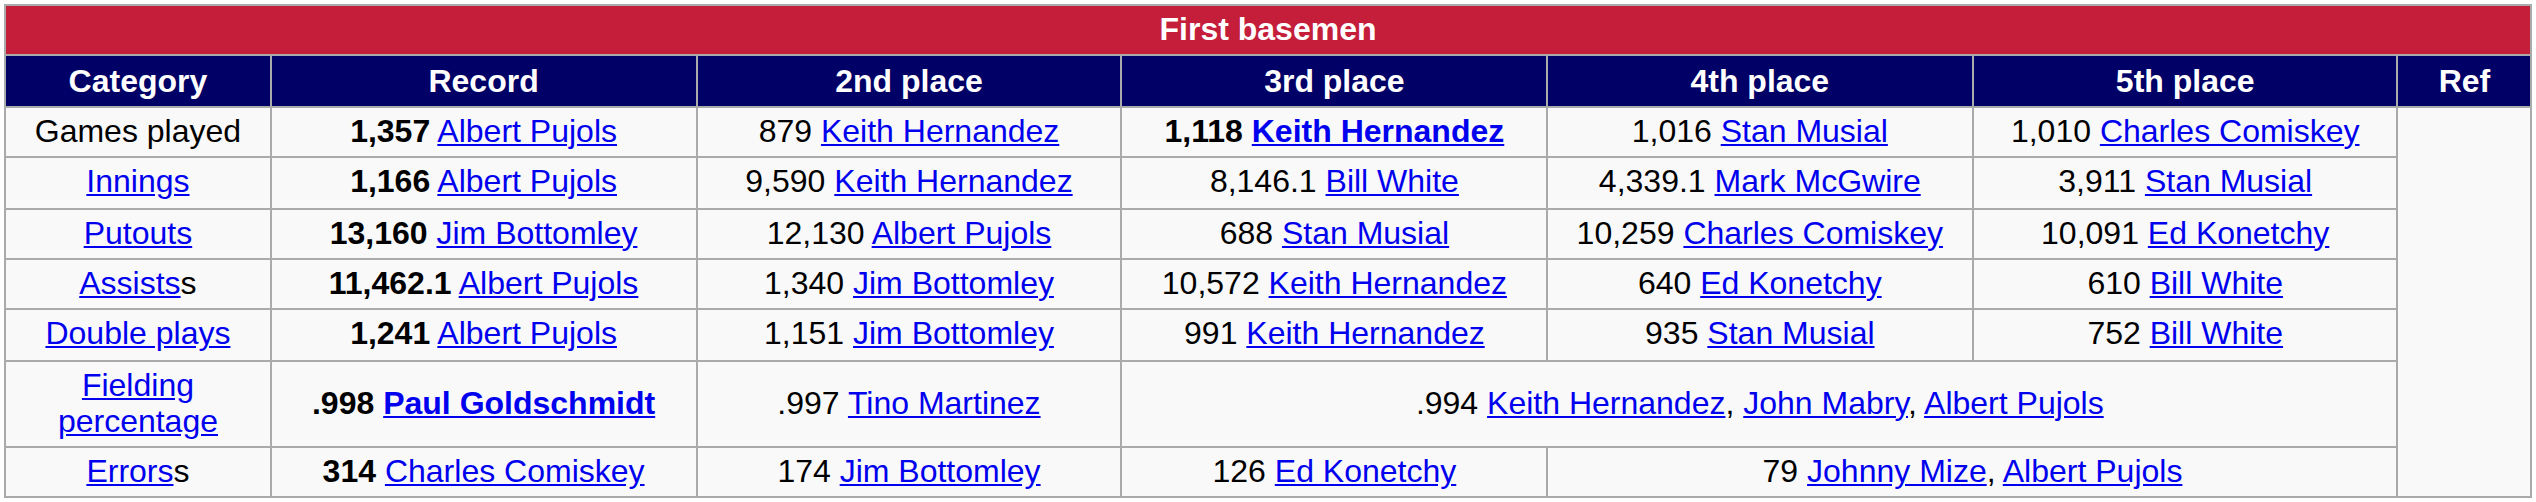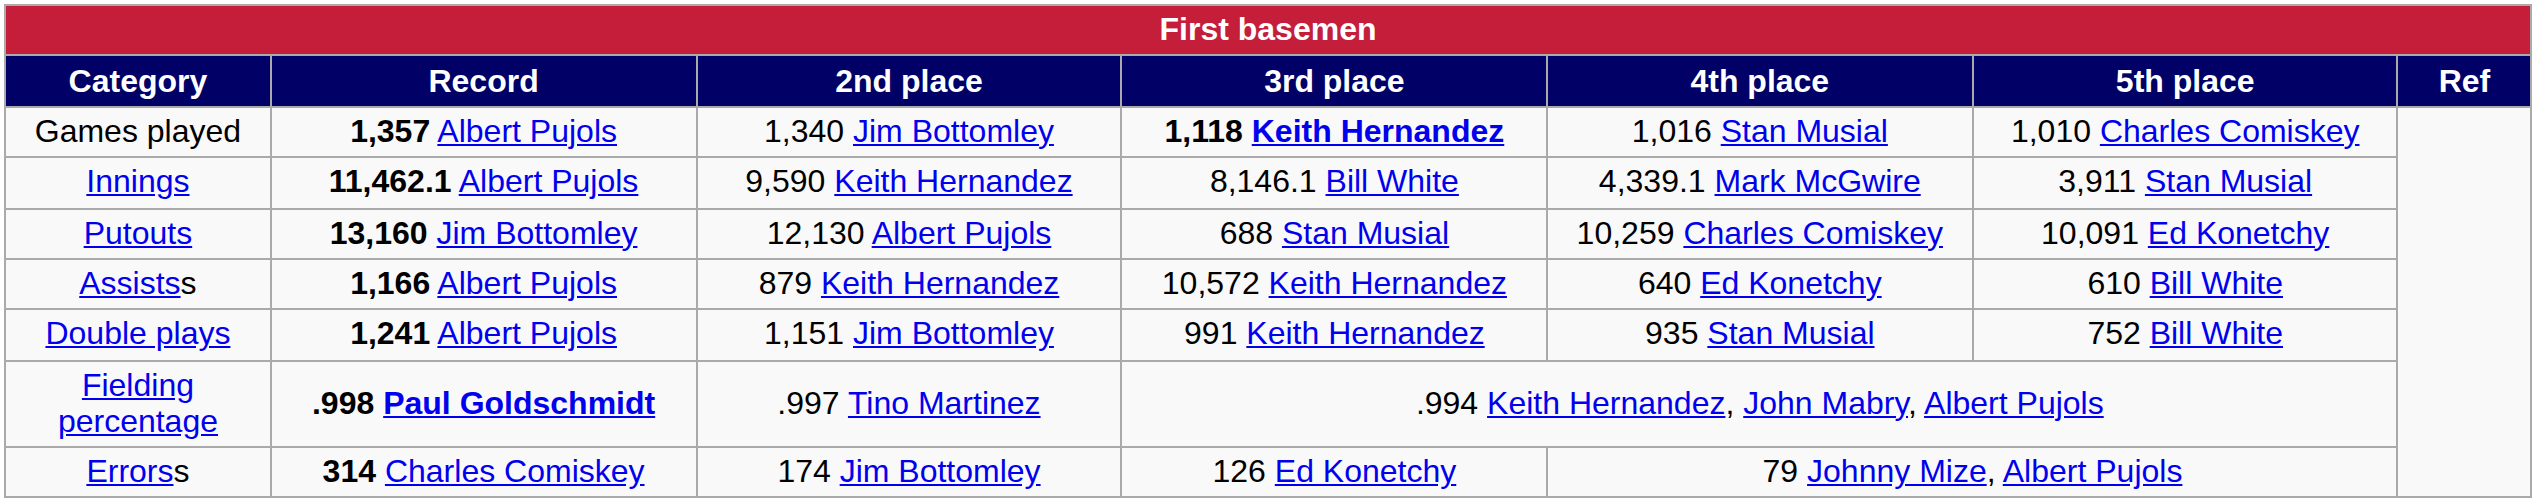 <table class="wikitable" style="text-align:center; width:100%">
 <tr>
 <th colspan=7 style="background:#C41E3A;color:#FFFFFF;">First basemen</th>
 </tr>
 <tr>
 <th scope="col" width=10% style="background:#000066;color:#FFFFFF;">Category</th>
 <th scope="col" width=16% style="background:#000066;color:#FFFFFF;">Record</th>
 <th scope="col" width=16% style="background:#000066;color:#FFFFFF;">2nd place</th>
 <th scope="col" width=16% style="background:#000066;color:#FFFFFF;">3rd place</th>
 <th scope="col" width=16% style="background:#000066;color:#FFFFFF;">4th place</th>
 <th scope="col" width=16% style="background:#000066;color:#FFFFFF;">5th place</th>
 <th scope="col" width=5% style="background:#000066;color:#FFFFFF;">Ref</th>
 </tr>
 <tr>
 <td>Games played</td>
 <td><strong>1,357</strong> <a href='#'>Albert Pujols</a></td>
-<td>879 <a href='#'>Keith Hernandez</a></td>
+<td>1,340 <a href='#'>Jim Bottomley</a></td>
 <td><strong>1,118 <a href='#'>Keith Hernandez</a></strong></td>
 <td>1,016 <a href='#'>Stan Musial</a></td>
 <td>1,010 <a href='#'>Charles Comiskey</a></td>
 <td rowspan="7" style="text-align: center;"></td>
 </tr>
 <tr>
 <td><a href='#'>Innings</a></td>
-<td><strong>1,166</strong> <a href='#'>Albert Pujols</a></td>
+<td><strong>11,462.1</strong> <a href='#'>Albert Pujols</a></td>
 <td>9,590 <a href='#'>Keith Hernandez</a></td>
 <td>8,146.1 <a href='#'>Bill White</a></td>
 <td>4,339.1 <a href='#'>Mark McGwire</a></td>
 <td>3,911 <a href='#'>Stan Musial</a></td>
 </tr>
 <tr>
 <td><a href='#'>Putouts</a></td>
 <td><strong>13,160</strong> <a href='#'>Jim Bottomley</a></td>
 <td>12,130 <a href='#'>Albert Pujols</a></td>
 <td>688 <a href='#'>Stan Musial</a></td>
 <td>10,259 <a href='#'>Charles Comiskey</a></td>
 <td>10,091 <a href='#'>Ed Konetchy</a></td>
 </tr>
 <tr>
 <td><a href='#'>Assists</a>s</td>
-<td><strong>11,462.1</strong> <a href='#'>Albert Pujols</a></td>
-<td>1,340 <a href='#'>Jim Bottomley</a></td>
+<td><strong>1,166</strong> <a href='#'>Albert Pujols</a></td>
+<td>879 <a href='#'>Keith Hernandez</a></td>
 <td>10,572 <a href='#'>Keith Hernandez</a></td>
 <td>640 <a href='#'>Ed Konetchy</a></td>
 <td>610 <a href='#'>Bill White</a></td>
 </tr>
 <tr>
 <td><a href='#'>Double plays</a></td>
 <td><strong>1,241</strong> <a href='#'>Albert Pujols</a></td>
 <td>1,151 <a href='#'>Jim Bottomley</a></td>
 <td>991 <a href='#'>Keith Hernandez</a></td>
 <td>935 <a href='#'>Stan Musial</a></td>
 <td>752 <a href='#'>Bill White</a></td>
 </tr>
 <tr>
 <td><a href='#'>Fielding percentage</a></td>
 <td><strong>.998</strong> <strong><a href='#'>Paul Goldschmidt</a></strong></td>
 <td>.997 <a href='#'>Tino Martinez</a></td>
 <td colspan="3" style="text-align: center;">.994 <a href='#'>Keith Hernandez</a>, <a href='#'>John Mabry</a>, <a href='#'>Albert Pujols</a></td>
 </tr>
 <tr>
 <td><a href='#'>Errors</a>s</td>
 <td><strong>314</strong> <a href='#'>Charles Comiskey</a></td>
 <td>174 <a href='#'>Jim Bottomley</a></td>
 <td>126 <a href='#'>Ed Konetchy</a></td>
 <td colspan="2" style="text-align: center;">79 <a href='#'>Johnny Mize</a>, <a href='#'>Albert Pujols</a></td>
 </tr>
 <tr>
 </tr>
 </table>
